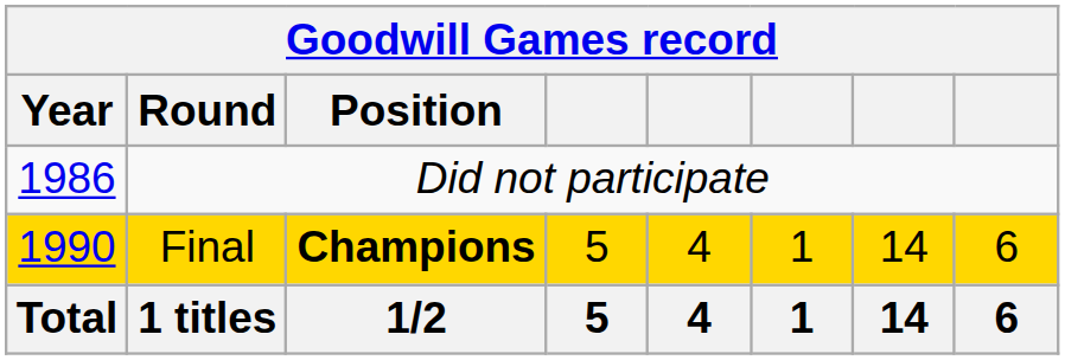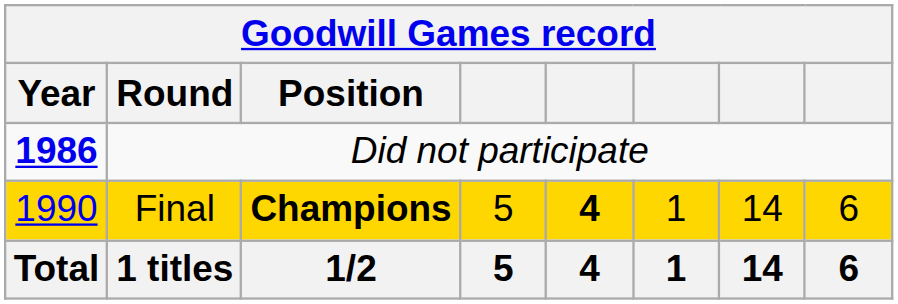 <table class="wikitable" style="text-align: center;">
 <tr>
 <th colspan=8><a href='#'>Goodwill Games record</a></th>
 </tr>
 <tr>
 <th>Year</th>
 <th>Round</th>
 <th>Position</th>
 <th width=30></th>
 <th width=30></th>
 <th width=30></th>
 <th width=30></th>
 <th width=30></th>
 </tr>
 <tr>
-<td> <a href='#'>1986</a></td>
+<td><strong> <a href='#'>1986</a></strong></td>
 <td colspan="7"><em>Did not participate</em></td>
 </tr>
 <tr bgcolor=gold>
 <td> <a href='#'>1990</a></td>
 <td>Final</td>
 <td><strong>Champions</strong></td>
 <td>5</td>
-<td>4</td>
+<td><strong>4</strong></td>
 <td>1</td>
 <td>14</td>
 <td>6</td>
 </tr>
 <tr>
 <th>Total</th>
 <th>1 titles</th>
 <th>1/2</th>
 <th>5</th>
 <th>4</th>
 <th>1</th>
 <th>14</th>
 <th>6</th>
 </tr>
 </table>
